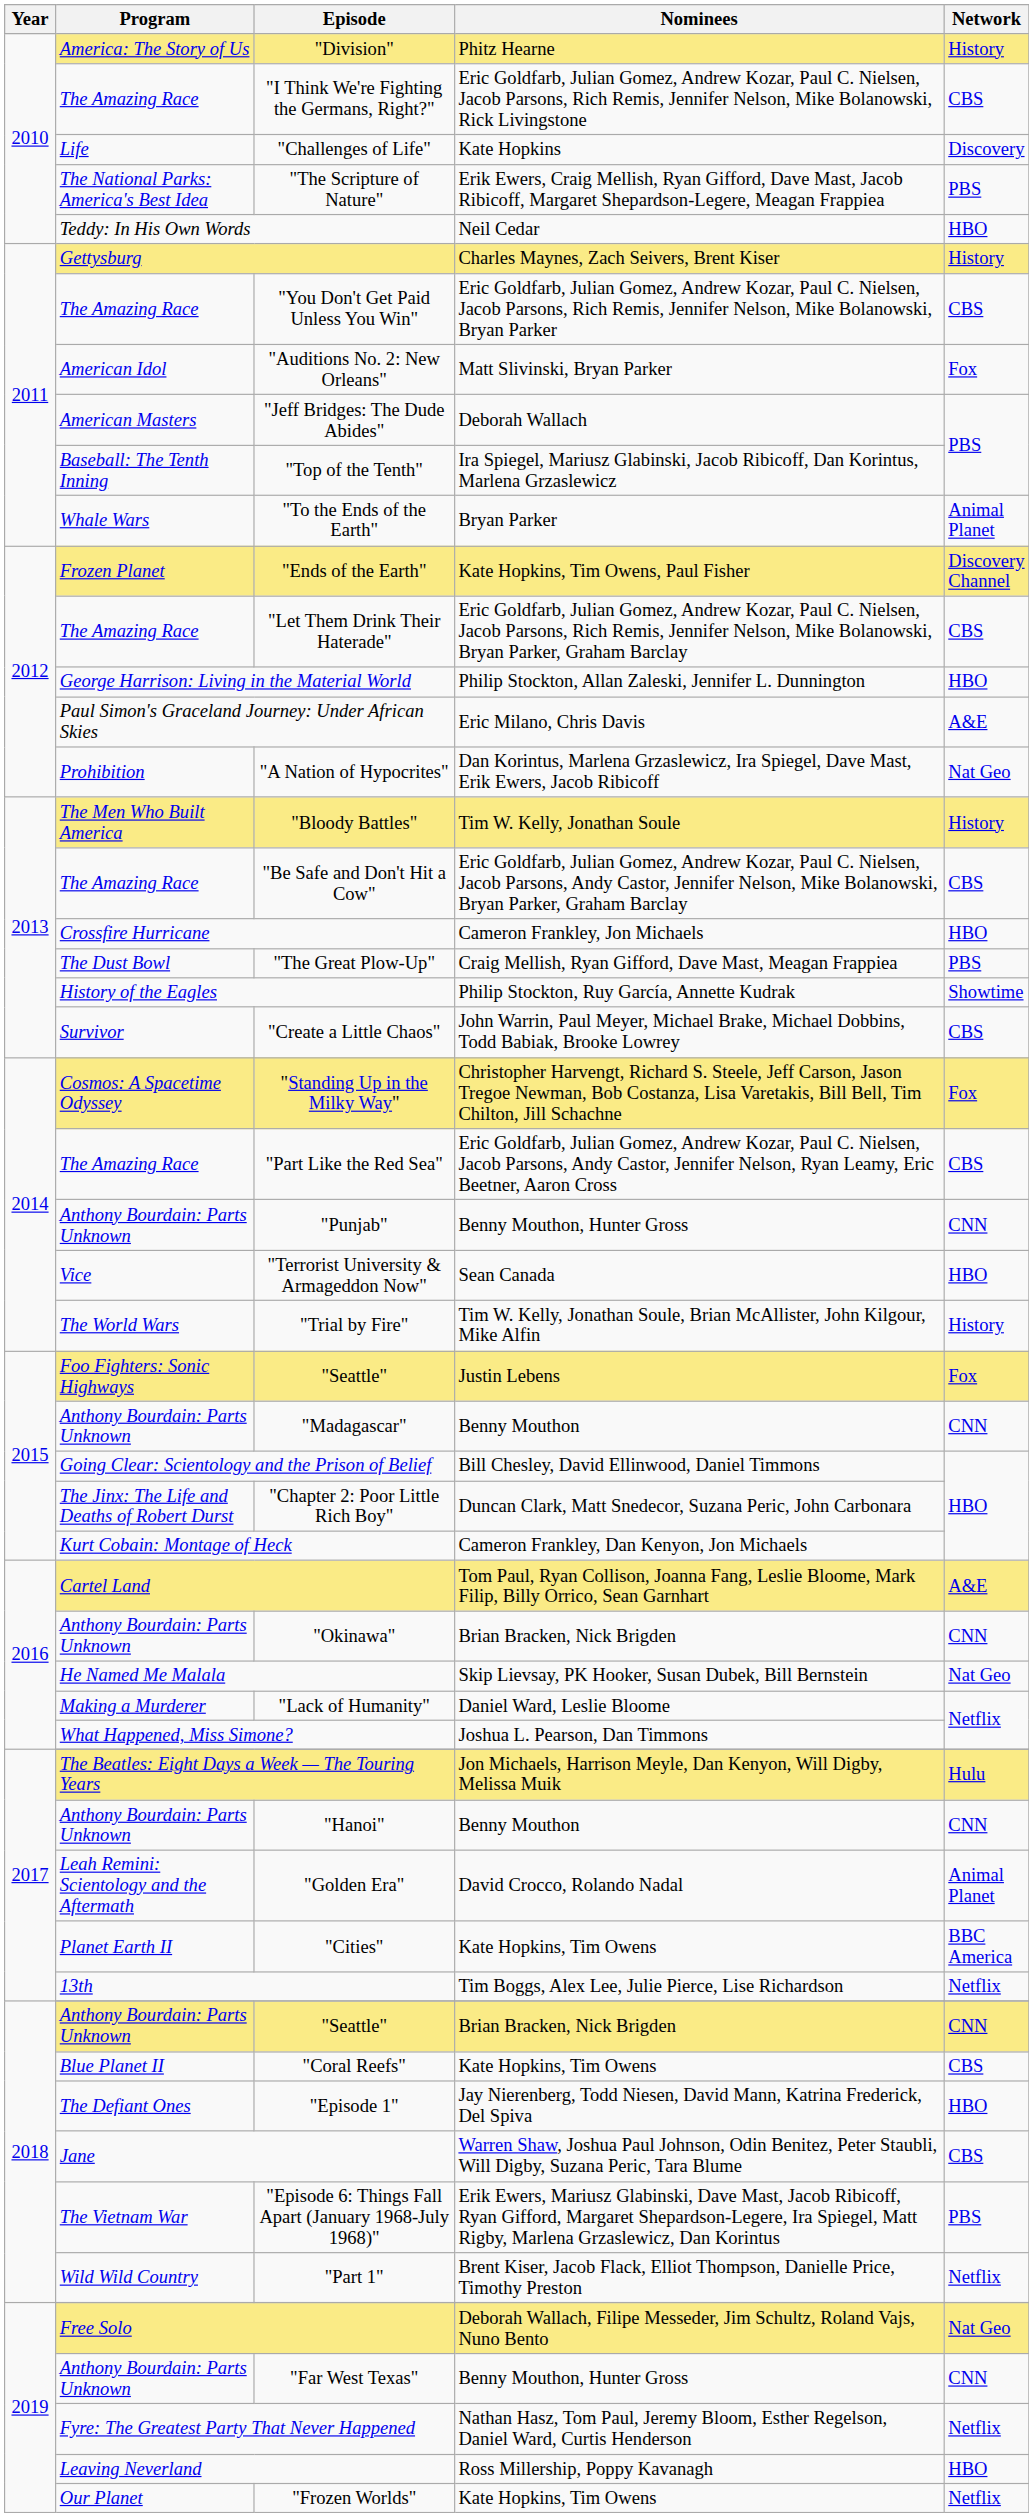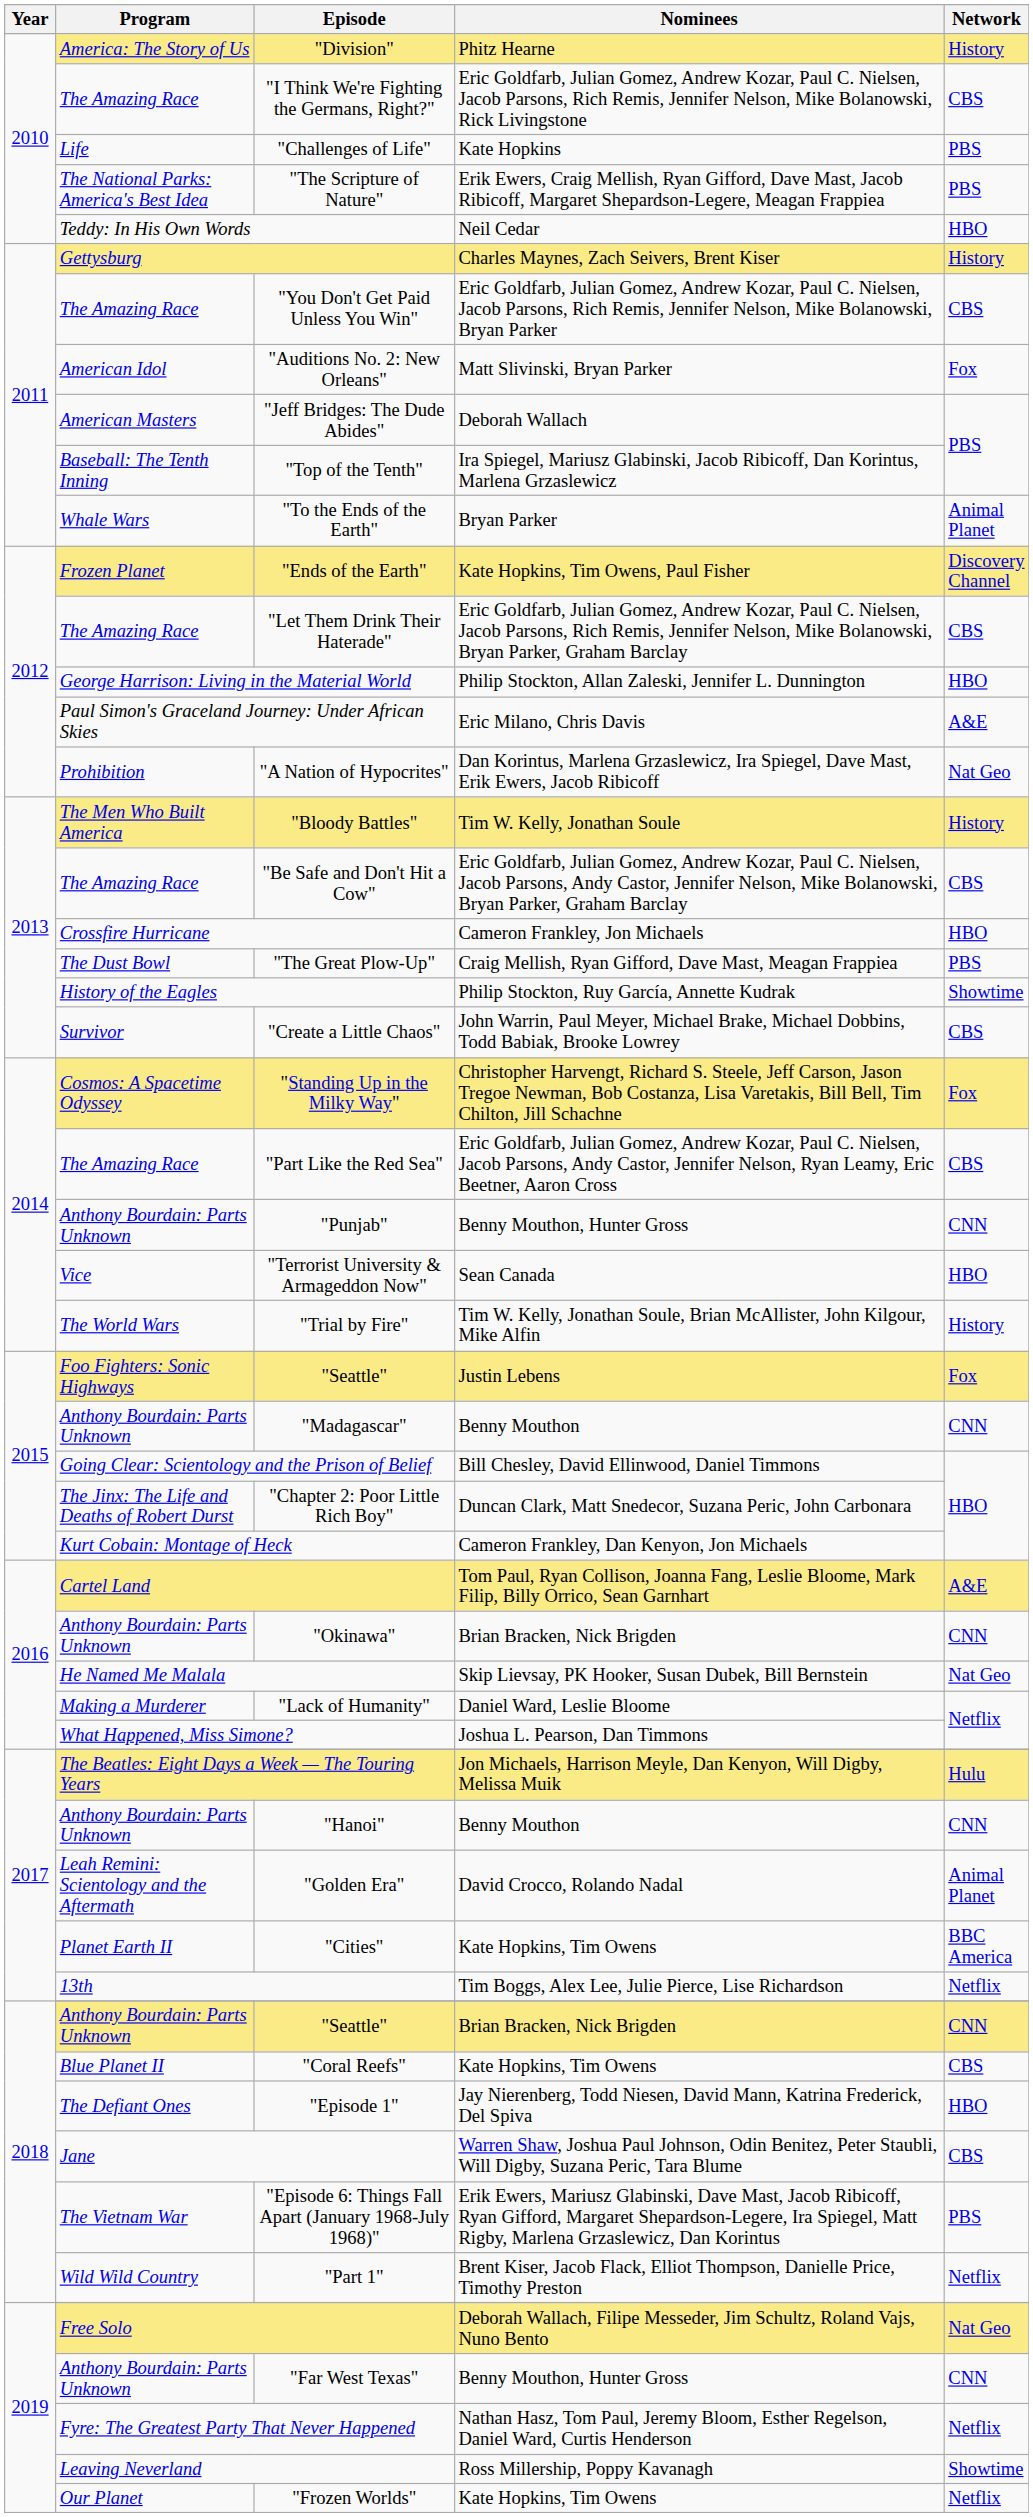 <table class="wikitable" style="width:100%">
 <tr style="background:#bebebe;">
 <th style="width:5%;">Year</th>
 <th style="width:20%;">Program</th>
 <th style="width:20%;">Episode</th>
 <th style="width:50%;">Nominees</th>
 <th style="width:5%;">Network</th>
 </tr>
 <tr>
 <td rowspan=5 style="text-align:center;"><a href='#'>2010</a><br></td>
 <td style="background:#FAEB86;"><em><a href='#'>America: The Story of Us</a></em></td>
 <td style="background:#FAEB86;"  align=center>"Division"</td>
 <td style="background:#FAEB86;">Phitz Hearne</td>
 <td style="background:#FAEB86;"><a href='#'>History</a></td>
 </tr>
 <tr>
 <td><em><a href='#'>The Amazing Race</a></em></td>
 <td align=center>"I Think We're Fighting the Germans, Right?"</td>
 <td>Eric Goldfarb, Julian Gomez, Andrew Kozar, Paul C. Nielsen, Jacob Parsons, Rich Remis, Jennifer Nelson, Mike Bolanowski, Rick Livingstone</td>
 <td><a href='#'>CBS</a></td>
 </tr>
 <tr>
 <td><em><a href='#'>Life</a></em></td>
 <td align=center>"Challenges of Life"</td>
 <td>Kate Hopkins</td>
-<td><a href='#'>Discovery</a></td>
+<td><a href='#'>PBS</a></td>
 </tr>
 <tr>
 <td><em><a href='#'>The National Parks: America's Best Idea</a></em></td>
 <td align=center>"The Scripture of Nature"</td>
 <td>Erik Ewers, Craig Mellish, Ryan Gifford, Dave Mast, Jacob Ribicoff, Margaret Shepardson-Legere, Meagan Frappiea</td>
 <td><a href='#'>PBS</a></td>
 </tr>
 <tr>
 <td colspan=2><em>Teddy: In His Own Words</em></td>
 <td>Neil Cedar</td>
 <td><a href='#'>HBO</a></td>
 </tr>
 <tr>
 <td rowspan=6 style="text-align:center;"><a href='#'>2011</a><br></td>
 <td style="background:#FAEB86;" colspan=2><em><a href='#'>Gettysburg</a></em></td>
 <td style="background:#FAEB86;">Charles Maynes, Zach Seivers, Brent Kiser</td>
 <td style="background:#FAEB86;"><a href='#'>History</a></td>
 </tr>
 <tr>
 <td><em><a href='#'>The Amazing Race</a></em></td>
 <td align=center>"You Don't Get Paid Unless You Win"</td>
 <td>Eric Goldfarb, Julian Gomez, Andrew Kozar, Paul C. Nielsen, Jacob Parsons, Rich Remis, Jennifer Nelson, Mike Bolanowski, Bryan Parker</td>
 <td><a href='#'>CBS</a></td>
 </tr>
 <tr>
 <td><em><a href='#'>American Idol</a></em></td>
 <td align=center>"Auditions No. 2: New Orleans"</td>
 <td>Matt Slivinski, Bryan Parker</td>
 <td><a href='#'>Fox</a></td>
 </tr>
 <tr>
 <td><em><a href='#'>American Masters</a></em></td>
 <td align=center>"Jeff Bridges: The Dude Abides"</td>
 <td>Deborah Wallach</td>
 <td rowspan=2><a href='#'>PBS</a></td>
 </tr>
 <tr>
 <td><em><a href='#'>Baseball: The Tenth Inning</a></em></td>
 <td align=center>"Top of the Tenth"</td>
 <td>Ira Spiegel, Mariusz Glabinski, Jacob Ribicoff, Dan Korintus, Marlena Grzaslewicz</td>
 </tr>
 <tr>
 <td><em><a href='#'>Whale Wars</a></em></td>
 <td align=center>"To the Ends of the Earth"</td>
 <td>Bryan Parker</td>
 <td><a href='#'>Animal Planet</a></td>
 </tr>
 <tr>
 <td rowspan=5 style="text-align:center;"><a href='#'>2012</a><br></td>
 <td style="background:#FAEB86;"><em><a href='#'>Frozen Planet</a></em></td>
 <td style="background:#FAEB86;"  align=center>"Ends of the Earth"</td>
 <td style="background:#FAEB86;">Kate Hopkins, Tim Owens, Paul Fisher</td>
 <td style="background:#FAEB86;"><a href='#'>Discovery Channel</a></td>
 </tr>
 <tr>
 <td><em><a href='#'>The Amazing Race</a></em></td>
 <td align=center>"Let Them Drink Their Haterade"</td>
 <td>Eric Goldfarb, Julian Gomez, Andrew Kozar, Paul C. Nielsen, Jacob Parsons, Rich Remis, Jennifer Nelson, Mike Bolanowski, Bryan Parker, Graham Barclay</td>
 <td><a href='#'>CBS</a></td>
 </tr>
 <tr>
 <td colspan=2><em><a href='#'>George Harrison: Living in the Material World</a></em></td>
 <td>Philip Stockton, Allan Zaleski, Jennifer L. Dunnington</td>
 <td><a href='#'>HBO</a></td>
 </tr>
 <tr>
 <td colspan=2><em>Paul Simon's Graceland Journey: Under African Skies</em></td>
 <td>Eric Milano, Chris Davis</td>
 <td><a href='#'>A&E</a></td>
 </tr>
 <tr>
 <td><em><a href='#'>Prohibition</a></em></td>
 <td align=center>"A Nation of Hypocrites"</td>
 <td>Dan Korintus, Marlena Grzaslewicz, Ira Spiegel, Dave Mast, Erik Ewers, Jacob Ribicoff</td>
 <td><a href='#'>Nat Geo</a></td>
 </tr>
 <tr>
 <td rowspan=6 style="text-align:center;"><a href='#'>2013</a><br></td>
 <td style="background:#FAEB86;"><em><a href='#'>The Men Who Built America</a></em></td>
 <td style="background:#FAEB86;" align=center>"Bloody Battles"</td>
 <td style="background:#FAEB86;">Tim W. Kelly, Jonathan Soule</td>
 <td style="background:#FAEB86;"><a href='#'>History</a></td>
 </tr>
 <tr>
 <td><em><a href='#'>The Amazing Race</a></em></td>
 <td align=center>"Be Safe and Don't Hit a Cow"</td>
 <td>Eric Goldfarb, Julian Gomez, Andrew Kozar, Paul C. Nielsen, Jacob Parsons, Andy Castor, Jennifer Nelson, Mike Bolanowski, Bryan Parker, Graham Barclay</td>
 <td><a href='#'>CBS</a></td>
 </tr>
 <tr>
 <td colspan=2><em><a href='#'>Crossfire Hurricane</a></em></td>
 <td>Cameron Frankley, Jon Michaels</td>
 <td><a href='#'>HBO</a></td>
 </tr>
 <tr>
 <td><em><a href='#'>The Dust Bowl</a></em></td>
 <td align=center>"The Great Plow-Up"</td>
 <td>Craig Mellish, Ryan Gifford, Dave Mast, Meagan Frappiea</td>
 <td><a href='#'>PBS</a></td>
 </tr>
 <tr>
 <td colspan=2><em><a href='#'>History of the Eagles</a></em></td>
 <td>Philip Stockton, Ruy García, Annette Kudrak</td>
 <td><a href='#'>Showtime</a></td>
 </tr>
 <tr>
 <td><em><a href='#'>Survivor</a></em></td>
 <td align=center>"Create a Little Chaos"</td>
 <td>John Warrin, Paul Meyer, Michael Brake, Michael Dobbins, Todd Babiak, Brooke Lowrey</td>
 <td><a href='#'>CBS</a></td>
 </tr>
 <tr>
 <td rowspan=5 style="text-align:center;"><a href='#'>2014</a><br></td>
 <td style="background:#FAEB86;"><em><a href='#'>Cosmos: A Spacetime Odyssey</a></em></td>
 <td style="background:#FAEB86;"  align=center>"<a href='#'>Standing Up in the Milky Way</a>"</td>
 <td style="background:#FAEB86;">Christopher Harvengt, Richard S. Steele, Jeff Carson, Jason Tregoe Newman, Bob Costanza, Lisa Varetakis, Bill Bell, Tim Chilton, Jill Schachne</td>
 <td style="background:#FAEB86;"><a href='#'>Fox</a></td>
 </tr>
 <tr>
 <td><em><a href='#'>The Amazing Race</a></em></td>
 <td align=center>"Part Like the Red Sea"</td>
 <td>Eric Goldfarb, Julian Gomez, Andrew Kozar, Paul C. Nielsen, Jacob Parsons, Andy Castor, Jennifer Nelson, Ryan Leamy, Eric Beetner, Aaron Cross</td>
 <td><a href='#'>CBS</a></td>
 </tr>
 <tr>
 <td><em><a href='#'>Anthony Bourdain: Parts Unknown</a></em></td>
 <td align=center>"Punjab"</td>
 <td>Benny Mouthon, Hunter Gross</td>
 <td><a href='#'>CNN</a></td>
 </tr>
 <tr>
 <td><em><a href='#'>Vice</a></em></td>
 <td align=center>"Terrorist University & Armageddon Now"</td>
 <td>Sean Canada</td>
 <td><a href='#'>HBO</a></td>
 </tr>
 <tr>
 <td><em><a href='#'>The World Wars</a></em></td>
 <td align=center>"Trial by Fire"</td>
 <td>Tim W. Kelly, Jonathan Soule, Brian McAllister, John Kilgour, Mike Alfin</td>
 <td><a href='#'>History</a></td>
 </tr>
 <tr>
 <td rowspan=5 style="text-align:center;"><a href='#'>2015</a><br></td>
 <td style="background:#FAEB86;"><em><a href='#'>Foo Fighters: Sonic Highways</a></em></td>
 <td style="background:#FAEB86;"  align=center>"Seattle"</td>
 <td style="background:#FAEB86;">Justin Lebens</td>
 <td style="background:#FAEB86;"><a href='#'>Fox</a></td>
 </tr>
 <tr>
 <td><em><a href='#'>Anthony Bourdain: Parts Unknown</a></em></td>
 <td align=center>"Madagascar"</td>
 <td>Benny Mouthon</td>
 <td><a href='#'>CNN</a></td>
 </tr>
 <tr>
 <td colspan=2><em><a href='#'>Going Clear: Scientology and the Prison of Belief</a></em></td>
 <td>Bill Chesley, David Ellinwood, Daniel Timmons</td>
 <td rowspan=3><a href='#'>HBO</a></td>
 </tr>
 <tr>
 <td><em><a href='#'>The Jinx: The Life and Deaths of Robert Durst</a></em></td>
 <td align=center>"Chapter 2: Poor Little Rich Boy"</td>
 <td>Duncan Clark, Matt Snedecor, Suzana Peric, John Carbonara</td>
 </tr>
 <tr>
 <td colspan=2><em><a href='#'>Kurt Cobain: Montage of Heck</a></em></td>
 <td>Cameron Frankley, Dan Kenyon, Jon Michaels</td>
 </tr>
 <tr>
 <td rowspan=5 style="text-align:center;"><a href='#'>2016</a><br></td>
 <td style="background:#FAEB86;" colspan=2><em><a href='#'>Cartel Land</a></em></td>
 <td style="background:#FAEB86;">Tom Paul, Ryan Collison, Joanna Fang, Leslie Bloome, Mark Filip, Billy Orrico, Sean Garnhart</td>
 <td style="background:#FAEB86;"><a href='#'>A&E</a></td>
 </tr>
 <tr>
 <td><em><a href='#'>Anthony Bourdain: Parts Unknown</a></em></td>
 <td align=center>"Okinawa"</td>
 <td>Brian Bracken, Nick Brigden</td>
 <td><a href='#'>CNN</a></td>
 </tr>
 <tr>
 <td colspan=2><em><a href='#'>He Named Me Malala</a></em></td>
 <td>Skip Lievsay, PK Hooker, Susan Dubek, Bill Bernstein</td>
 <td><a href='#'>Nat Geo</a></td>
 </tr>
 <tr>
 <td><em><a href='#'>Making a Murderer</a></em></td>
 <td align=center>"Lack of Humanity"</td>
 <td>Daniel Ward, Leslie Bloome</td>
 <td rowspan=2><a href='#'>Netflix</a></td>
 </tr>
 <tr>
 <td colspan=2><em><a href='#'>What Happened, Miss Simone?</a></em></td>
 <td>Joshua L. Pearson, Dan Timmons</td>
 </tr>
 <tr>
 <td rowspan=6 style="text-align:center;"><a href='#'>2017</a><br></td>
 </tr>
 <tr style="background:#FAEB86;">
 <td colspan=2><em><a href='#'>The Beatles: Eight Days a Week — The Touring Years</a></em></td>
 <td>Jon Michaels, Harrison Meyle, Dan Kenyon, Will Digby, Melissa Muik</td>
 <td><a href='#'>Hulu</a></td>
 </tr>
 <tr>
 <td><em><a href='#'>Anthony Bourdain: Parts Unknown</a></em></td>
 <td align=center>"Hanoi"</td>
 <td>Benny Mouthon</td>
 <td><a href='#'>CNN</a></td>
 </tr>
 <tr>
 <td><em><a href='#'>Leah Remini: Scientology and the Aftermath</a></em></td>
 <td align=center>"Golden Era"</td>
 <td>David Crocco, Rolando Nadal</td>
 <td><a href='#'>Animal Planet</a></td>
 </tr>
 <tr>
 <td><em><a href='#'>Planet Earth II</a></em></td>
 <td align=center>"Cities"</td>
 <td>Kate Hopkins, Tim Owens</td>
 <td><a href='#'>BBC America</a></td>
 </tr>
 <tr>
 <td colspan=2><em><a href='#'>13th</a></em></td>
 <td>Tim Boggs, Alex Lee, Julie Pierce, Lise Richardson</td>
 <td><a href='#'>Netflix</a></td>
 </tr>
 <tr>
 <td rowspan=7 style="text-align:center;"><a href='#'>2018</a><br></td>
 </tr>
 <tr style="background:#FAEB86;">
 <td><em><a href='#'>Anthony Bourdain: Parts Unknown</a></em></td>
 <td align=center>"Seattle"</td>
 <td>Brian Bracken, Nick Brigden</td>
 <td><a href='#'>CNN</a></td>
 </tr>
 <tr>
 <td><em><a href='#'>Blue Planet II</a></em></td>
 <td align=center>"Coral Reefs"</td>
 <td>Kate Hopkins, Tim Owens</td>
 <td><a href='#'>CBS</a></td>
 </tr>
 <tr>
 <td><em><a href='#'>The Defiant Ones</a></em></td>
 <td align=center>"Episode 1"</td>
 <td>Jay Nierenberg, Todd Niesen, David Mann, Katrina Frederick, Del Spiva</td>
 <td><a href='#'>HBO</a></td>
 </tr>
 <tr>
 <td colspan=2><em><a href='#'>Jane</a></em></td>
 <td><a href='#'>Warren Shaw</a>, Joshua Paul Johnson, Odin Benitez, Peter Staubli, Will Digby, Suzana Peric, Tara Blume</td>
 <td><a href='#'>CBS</a></td>
 </tr>
 <tr>
 <td><em><a href='#'>The Vietnam War</a></em></td>
 <td align=center>"Episode 6: Things Fall Apart (January 1968-July 1968)"</td>
 <td>Erik Ewers, Mariusz Glabinski, Dave Mast, Jacob Ribicoff, Ryan Gifford, Margaret Shepardson-Legere, Ira Spiegel, Matt Rigby, Marlena Grzaslewicz, Dan Korintus</td>
 <td><a href='#'>PBS</a></td>
 </tr>
 <tr>
 <td><em><a href='#'>Wild Wild Country</a></em></td>
 <td align=center>"Part 1"</td>
 <td>Brent Kiser, Jacob Flack, Elliot Thompson, Danielle Price, Timothy Preston</td>
 <td><a href='#'>Netflix</a></td>
 </tr>
 <tr>
 <td rowspan=6 style="text-align:center;"><a href='#'>2019</a><br></td>
 </tr>
 <tr style="background:#FAEB86;">
 <td colspan="2"><em><a href='#'>Free Solo</a></em></td>
 <td>Deborah Wallach, Filipe Messeder, Jim Schultz, Roland Vajs, Nuno Bento</td>
 <td><a href='#'>Nat Geo</a></td>
 </tr>
 <tr>
 <td><em><a href='#'>Anthony Bourdain: Parts Unknown</a></em></td>
 <td align=center>"Far West Texas"</td>
 <td>Benny Mouthon, Hunter Gross</td>
 <td><a href='#'>CNN</a></td>
 </tr>
 <tr>
 <td colspan="2"><em><a href='#'>Fyre: The Greatest Party That Never Happened</a></em></td>
 <td>Nathan Hasz, Tom Paul, Jeremy Bloom, Esther Regelson, Daniel Ward, Curtis Henderson</td>
 <td><a href='#'>Netflix</a></td>
 </tr>
 <tr>
 <td colspan="2"><em><a href='#'>Leaving Neverland</a></em></td>
 <td>Ross Millership, Poppy Kavanagh</td>
-<td><a href='#'>HBO</a></td>
+<td><a href='#'>Showtime</a></td>
 </tr>
 <tr>
 <td><em><a href='#'>Our Planet</a></em></td>
 <td align=center>"Frozen Worlds"</td>
 <td>Kate Hopkins, Tim Owens</td>
 <td><a href='#'>Netflix</a></td>
 </tr>
 </table>
